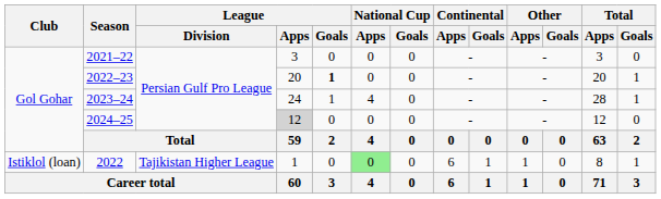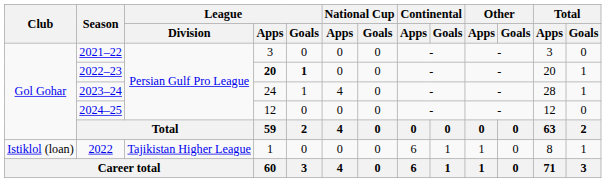 <table class="wikitable" style="text-align: center;">
 <tr>
 <th rowspan="2">Club</th>
 <th rowspan="2">Season</th>
 <th colspan="3">League</th>
 <th colspan="2">National Cup</th>
 <th colspan="2">Continental</th>
 <th colspan="2">Other</th>
 <th colspan="2">Total</th>
 </tr>
 <tr>
 <th>Division</th>
 <th>Apps</th>
 <th>Goals</th>
 <th>Apps</th>
 <th>Goals</th>
 <th>Apps</th>
 <th>Goals</th>
 <th>Apps</th>
 <th>Goals</th>
 <th>Apps</th>
 <th>Goals</th>
 </tr>
 <tr>
 <td rowspan="5" valign="center"><a href='#'>Gol Gohar</a></td>
 <td><a href='#'>2021–22</a></td>
 <td rowspan="4" valign="center"><a href='#'>Persian Gulf Pro League</a></td>
 <td>3</td>
 <td>0</td>
 <td>0</td>
 <td>0</td>
 <td colspan="2">-</td>
 <td colspan="2">-</td>
 <td>3</td>
 <td>0</td>
 </tr>
 <tr>
 <td><a href='#'>2022–23</a></td>
-<td>20</td>
+<td><strong>20</strong></td>
 <td><strong>1</strong></td>
 <td>0</td>
 <td>0</td>
 <td colspan="2">-</td>
 <td colspan="2">-</td>
 <td>20</td>
 <td>1</td>
 </tr>
 <tr>
 <td><a href='#'>2023–24</a></td>
 <td>24</td>
 <td>1</td>
 <td>4</td>
 <td>0</td>
 <td colspan="2">-</td>
 <td colspan="2">-</td>
 <td>28</td>
 <td>1</td>
 </tr>
 <tr>
 <td><a href='#'>2024–25</a></td>
-<td style="background: lightgrey;">12</td>
+<td>12</td>
 <td>0</td>
 <td>0</td>
 <td>0</td>
 <td colspan="2">-</td>
 <td colspan="2">-</td>
 <td>12</td>
 <td>0</td>
 </tr>
 <tr>
 <th colspan="2">Total</th>
 <th>59</th>
 <th>2</th>
 <th>4</th>
 <th>0</th>
 <th>0</th>
 <th>0</th>
 <th>0</th>
 <th>0</th>
 <th>63</th>
 <th>2</th>
 </tr>
 <tr>
 <td rowspan="1" valign="center"><a href='#'>Istiklol</a> (loan)</td>
 <td><a href='#'>2022</a></td>
 <td rowspan="1" valign="center"><a href='#'>Tajikistan Higher League</a></td>
 <td>1</td>
 <td>0</td>
-<td style="background: lightgreen;">0</td>
+<td>0</td>
 <td>0</td>
 <td>6</td>
 <td>1</td>
 <td>1</td>
 <td>0</td>
 <td>8</td>
 <td>1</td>
 </tr>
 <tr>
 <th colspan="3">Career total</th>
 <th>60</th>
 <th>3</th>
 <th>4</th>
 <th>0</th>
 <th>6</th>
 <th>1</th>
 <th>1</th>
 <th>0</th>
 <th>71</th>
 <th>3</th>
 </tr>
 </table>
